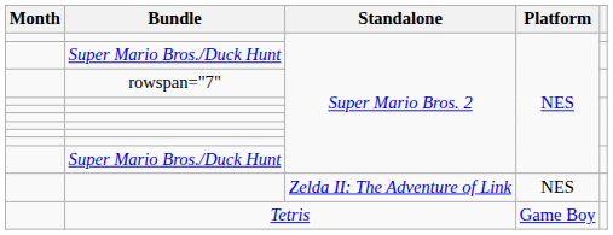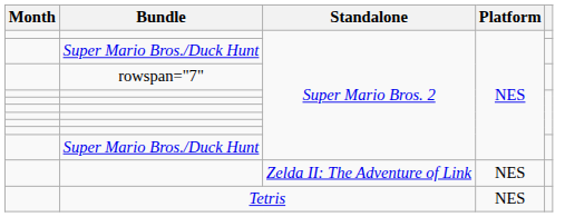 <table class="wikitable sortable" style="text-align:center">
 <tr>
 <th>Month</th>
 <th>Bundle</th>
 <th>Standalone</th>
 <th>Platform</th>
 <th class="unsortable"></th>
 </tr>
 <tr>
 <td></td>
 <td></td>
 <td rowspan="10"><em><a href='#'>Super Mario Bros. 2</a></em></td>
 <td rowspan="10"><a href='#'>NES</a></td>
 <td></td>
 </tr>
 <tr>
 <td></td>
 <td><em><a href='#'>Super Mario Bros./Duck Hunt</a></em></td>
 <td></td>
 </tr>
 <tr>
 <td></td>
 <td>rowspan="7" </td>
 <td></td>
 </tr>
 <tr>
 <td></td>
 <td></td>
 </tr>
 <tr>
 <td></td>
 <td></td>
 </tr>
 <tr>
 <td></td>
 <td></td>
 </tr>
 <tr>
 <td></td>
 <td></td>
 </tr>
 <tr>
 <td></td>
 <td></td>
 </tr>
 <tr>
 <td></td>
 <td></td>
 </tr>
 <tr>
 <td></td>
 <td><em><a href='#'>Super Mario Bros./Duck Hunt</a></em></td>
 <td></td>
 </tr>
 <tr>
 <td></td>
 <td></td>
 <td><em><a href='#'>Zelda II: The Adventure of Link</a></em></td>
 <td>NES</td>
 <td></td>
 </tr>
 <tr>
 <td></td>
 <td colspan="2"><em><a href='#'>Tetris</a></em></td>
-<td><a href='#'>Game Boy</a></td>
+<td>NES</td>
 <td></td>
 </tr>
 </table>
